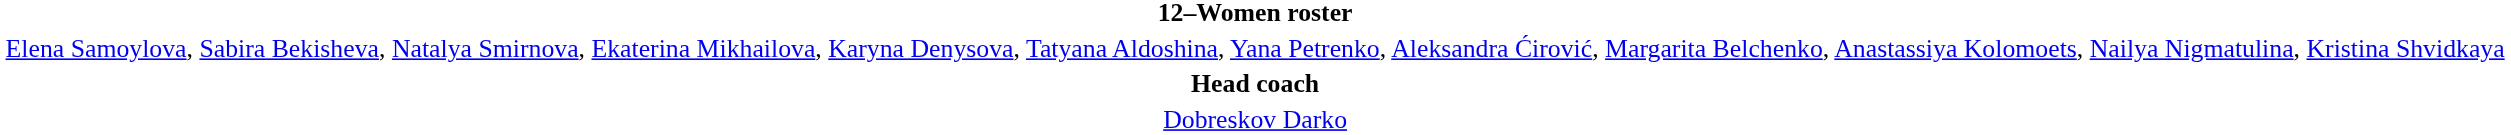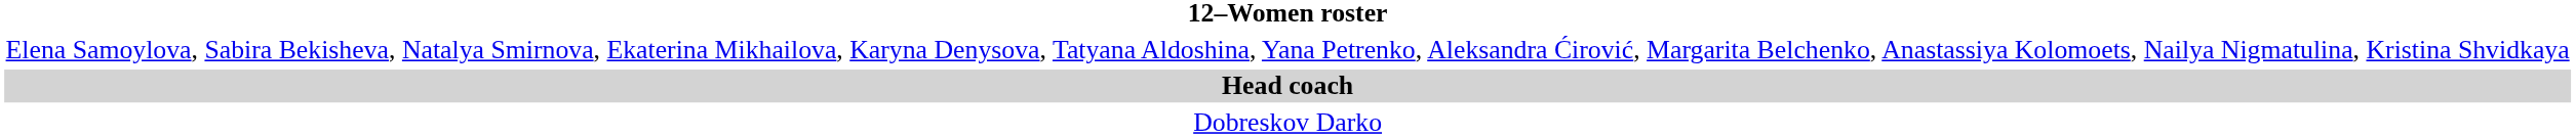 <table style="text-align:center; margin-top:2em; margin-left:auto; margin-right:auto">
 <tr>
 <td><strong>12–Women roster</strong></td>
 </tr>
 <tr>
 <td><a href='#'>Elena Samoylova</a>, <a href='#'>Sabira Bekisheva</a>, <a href='#'>Natalya Smirnova</a>, <a href='#'>Ekaterina Mikhailova</a>, <a href='#'>Karyna Denysova</a>, <a href='#'>Tatyana Aldoshina</a>, <a href='#'>Yana Petrenko</a>, <a href='#'>Aleksandra Ćirović</a>, <a href='#'>Margarita Belchenko</a>, <a href='#'>Anastassiya Kolomoets</a>, <a href='#'>Nailya Nigmatulina</a>, <a href='#'>Kristina Shvidkaya</a></td>
 </tr>
 <tr>
-<td><strong>Head coach</strong></td>
+<td style="background: lightgrey;"><strong>Head coach</strong></td>
 </tr>
 <tr>
 <td> <a href='#'>Dobreskov Darko</a></td>
 </tr>
 </table>
